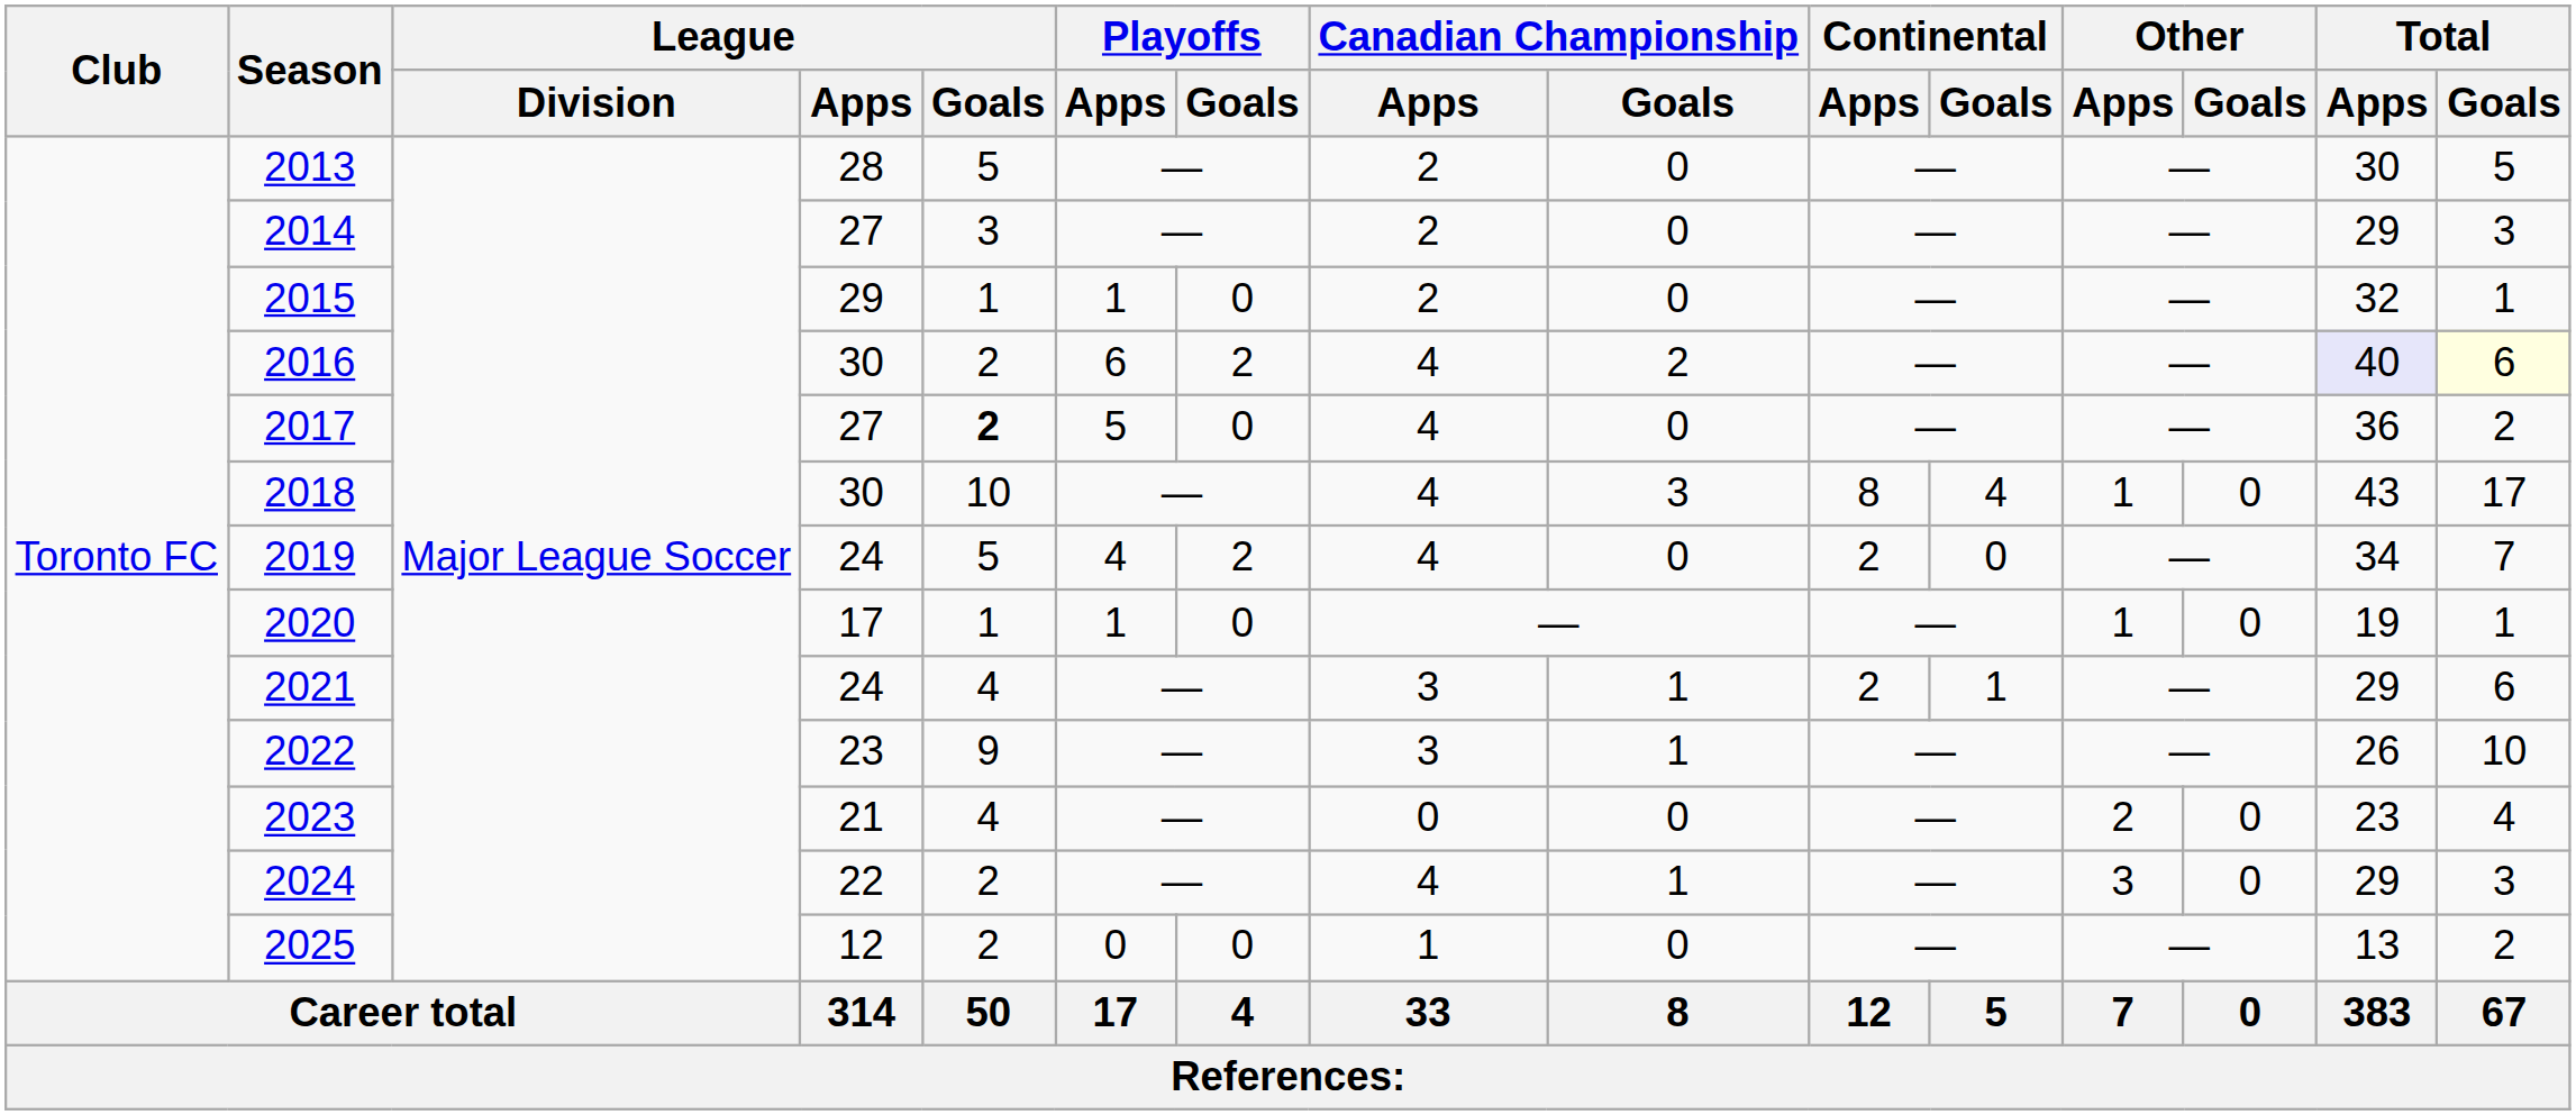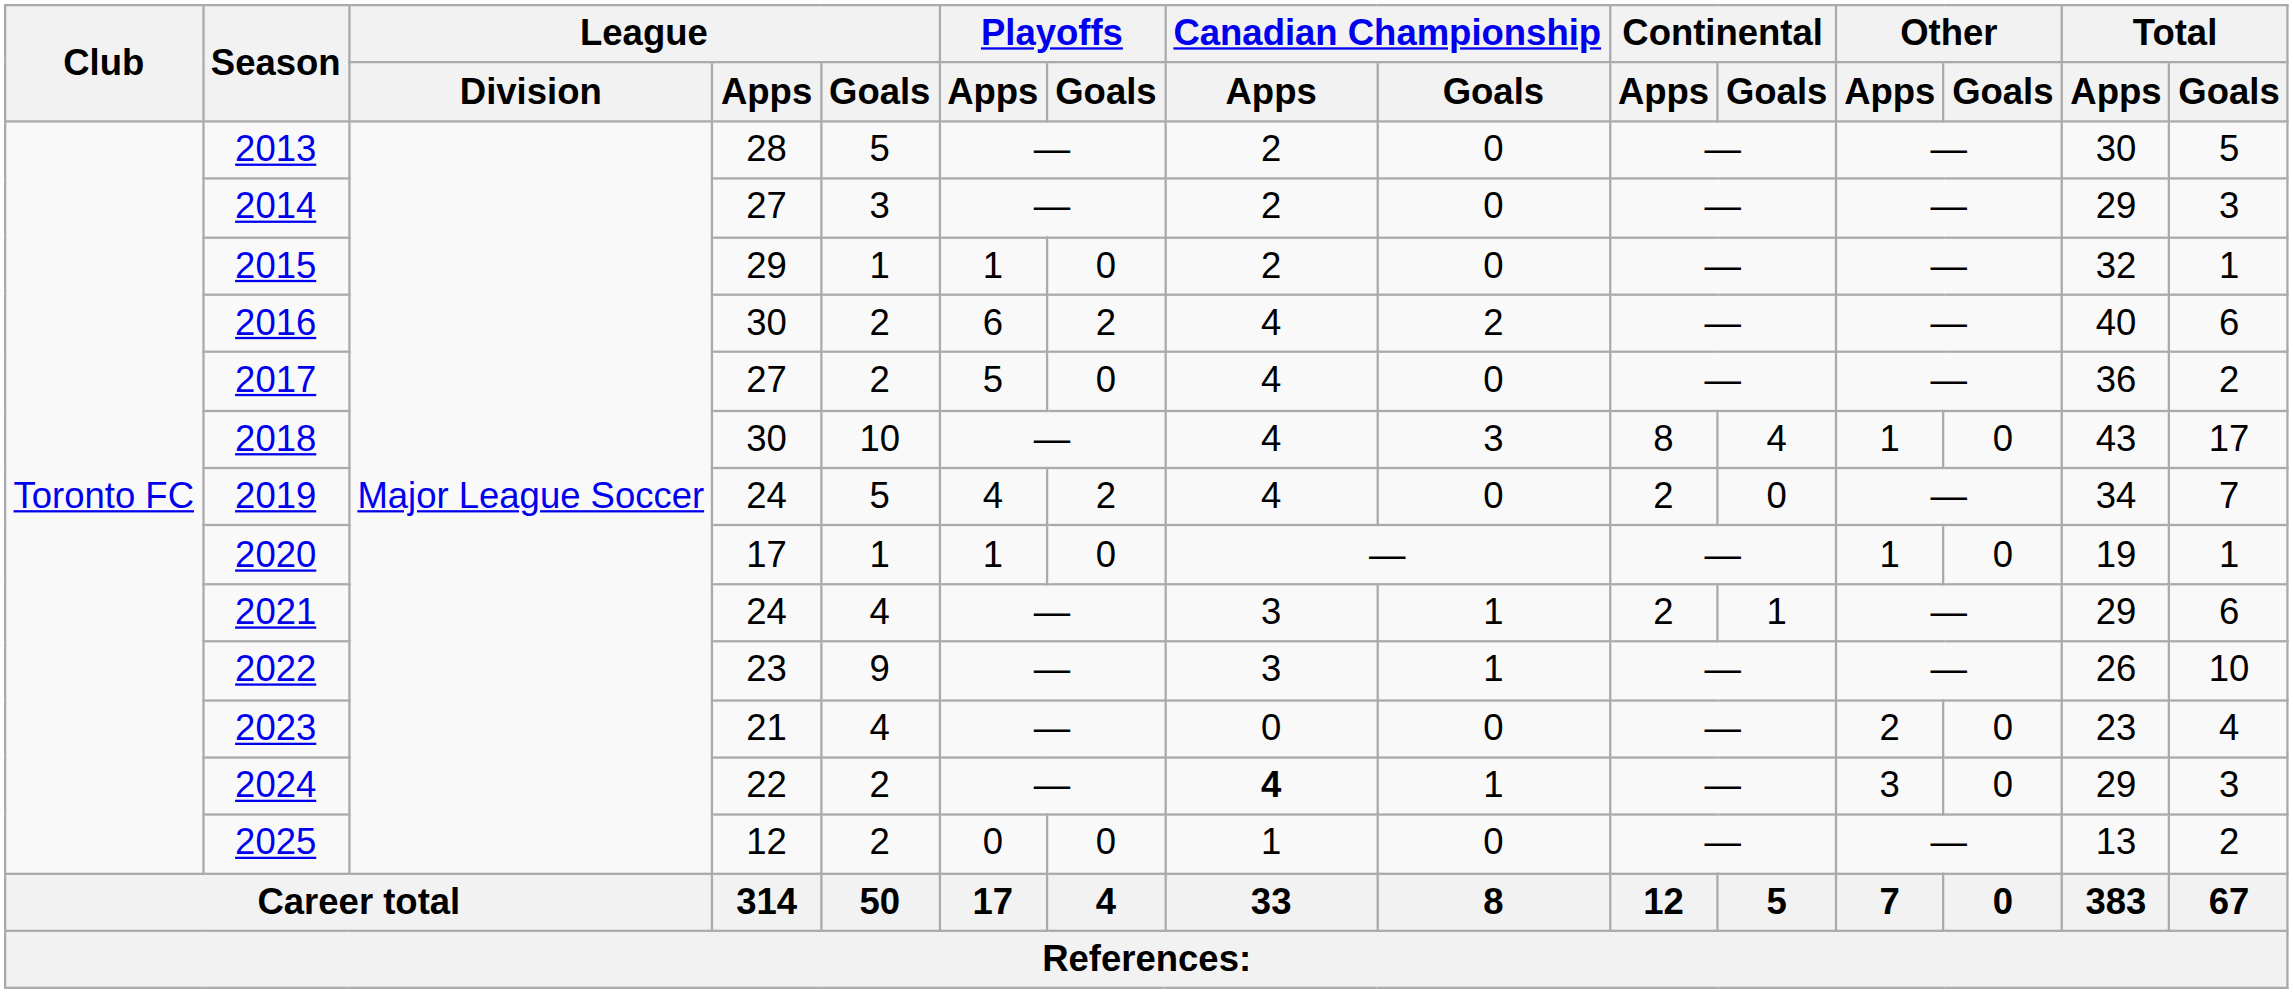 <table class="wikitable" Style="text-align: center">
 <tr>
 <th rowspan="2">Club</th>
 <th rowspan="2">Season</th>
 <th colspan="3">League</th>
 <th colspan="2"><a href='#'>Playoffs</a></th>
 <th colspan="2"><a href='#'>Canadian Championship</a></th>
 <th colspan="2">Continental</th>
 <th colspan="2">Other</th>
 <th colspan="2">Total</th>
 </tr>
 <tr>
 <th>Division</th>
 <th>Apps</th>
 <th>Goals</th>
 <th>Apps</th>
 <th>Goals</th>
 <th>Apps</th>
 <th>Goals</th>
 <th>Apps</th>
 <th>Goals</th>
 <th>Apps</th>
 <th>Goals</th>
 <th>Apps</th>
 <th>Goals</th>
 </tr>
 <tr>
 <td rowspan="13"><a href='#'>Toronto FC</a></td>
 <td><a href='#'>2013</a></td>
 <td rowspan="13"><a href='#'>Major League Soccer</a></td>
 <td>28</td>
 <td>5</td>
 <td colspan="2">—</td>
 <td>2</td>
 <td>0</td>
 <td colspan="2">—</td>
 <td colspan="2">—</td>
 <td>30</td>
 <td>5</td>
 </tr>
 <tr>
 <td><a href='#'>2014</a></td>
 <td>27</td>
 <td>3</td>
 <td colspan="2">—</td>
 <td>2</td>
 <td>0</td>
 <td colspan="2">—</td>
 <td colspan="2">—</td>
 <td>29</td>
 <td>3</td>
 </tr>
 <tr>
 <td><a href='#'>2015</a></td>
 <td>29</td>
 <td>1</td>
 <td>1</td>
 <td>0</td>
 <td>2</td>
 <td>0</td>
 <td colspan="2">—</td>
 <td colspan="2">—</td>
 <td>32</td>
 <td>1</td>
 </tr>
 <tr>
 <td><a href='#'>2016</a></td>
 <td>30</td>
 <td>2</td>
 <td>6</td>
 <td>2</td>
 <td>4</td>
 <td>2</td>
 <td colspan="2">—</td>
 <td colspan="2">—</td>
-<td style="background: lavender;">40</td>
-<td style="background: lightyellow;">6</td>
+<td>40</td>
+<td>6</td>
 </tr>
 <tr>
 <td><a href='#'>2017</a></td>
 <td>27</td>
-<td><strong>2</strong></td>
+<td>2</td>
 <td>5</td>
 <td>0</td>
 <td>4</td>
 <td>0</td>
 <td colspan="2">—</td>
 <td colspan="2">—</td>
 <td>36</td>
 <td>2</td>
 </tr>
 <tr>
 <td><a href='#'>2018</a></td>
 <td>30</td>
 <td>10</td>
 <td colspan="2">—</td>
 <td>4</td>
 <td>3</td>
 <td>8</td>
 <td>4</td>
 <td>1</td>
 <td>0</td>
 <td>43</td>
 <td>17</td>
 </tr>
 <tr>
 <td><a href='#'>2019</a></td>
 <td>24</td>
 <td>5</td>
 <td>4</td>
 <td>2</td>
 <td>4</td>
 <td>0</td>
 <td>2</td>
 <td>0</td>
 <td colspan="2">—</td>
 <td>34</td>
 <td>7</td>
 </tr>
 <tr>
 <td><a href='#'>2020</a></td>
 <td>17</td>
 <td>1</td>
 <td>1</td>
 <td>0</td>
 <td colspan="2">—</td>
 <td colspan="2">—</td>
 <td>1</td>
 <td>0</td>
 <td>19</td>
 <td>1</td>
 </tr>
 <tr>
 <td><a href='#'>2021</a></td>
 <td>24</td>
 <td>4</td>
 <td colspan="2">—</td>
 <td>3</td>
 <td>1</td>
 <td>2</td>
 <td>1</td>
 <td colspan="2">—</td>
 <td>29</td>
 <td>6</td>
 </tr>
 <tr>
 <td><a href='#'>2022</a></td>
 <td>23</td>
 <td>9</td>
 <td colspan="2">—</td>
 <td>3</td>
 <td>1</td>
 <td colspan="2">—</td>
 <td colspan="2">—</td>
 <td>26</td>
 <td>10</td>
 </tr>
 <tr>
 <td><a href='#'>2023</a></td>
 <td>21</td>
 <td>4</td>
 <td colspan="2">—</td>
 <td>0</td>
 <td>0</td>
 <td colspan="2">—</td>
 <td>2</td>
 <td>0</td>
 <td>23</td>
 <td>4</td>
 </tr>
 <tr>
 <td><a href='#'>2024</a></td>
 <td>22</td>
 <td>2</td>
 <td colspan="2">—</td>
-<td>4</td>
+<td><strong>4</strong></td>
 <td>1</td>
 <td colspan="2">—</td>
 <td>3</td>
 <td>0</td>
 <td>29</td>
 <td>3</td>
 </tr>
 <tr>
 <td><a href='#'>2025</a></td>
 <td>12</td>
 <td>2</td>
 <td>0</td>
 <td>0</td>
 <td>1</td>
 <td>0</td>
 <td colspan="2">—</td>
 <td colspan="2">—</td>
 <td>13</td>
 <td>2</td>
 </tr>
 <tr>
 <th colspan="3">Career total</th>
 <th>314</th>
 <th>50</th>
 <th>17</th>
 <th>4</th>
 <th>33</th>
 <th>8</th>
 <th>12</th>
 <th>5</th>
 <th>7</th>
 <th>0</th>
 <th>383</th>
 <th>67</th>
 </tr>
 <tr>
 <th colspan="15">References:</th>
 </tr>
 </table>
